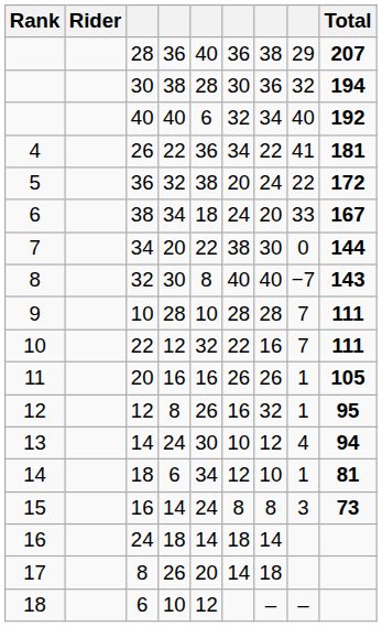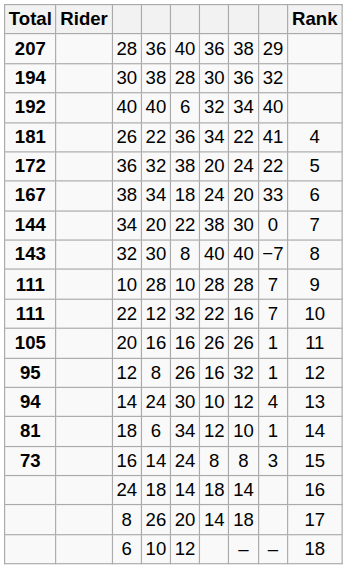 <table class="wikitable sortable" style="text-align:center">
 <tr>
-<th data-sort-type="number">Rank</th>
+<th>Total</th>
 <th>Rider</th>
 <th></th>
 <th></th>
 <th></th>
 <th></th>
 <th></th>
 <th></th>
-<th>Total</th>
+<th data-sort-type="number">Rank</th>
 </tr>
 <tr>
-<td></td>
+<td><strong>207</strong></td>
 <td align=left><strong></strong></td>
 <td>28</td>
 <td>36</td>
 <td>40</td>
 <td>36</td>
 <td>38</td>
 <td>29</td>
-<td><strong>207</strong></td>
+<td></td>
 </tr>
 <tr>
-<td></td>
+<td><strong>194</strong></td>
 <td align=left><strong></strong></td>
 <td>30</td>
 <td>38</td>
 <td>28</td>
 <td>30</td>
 <td>36</td>
 <td>32</td>
-<td><strong>194</strong></td>
+<td></td>
 </tr>
 <tr>
-<td></td>
+<td><strong>192</strong></td>
 <td align=left><strong></strong></td>
 <td>40</td>
 <td>40</td>
 <td>6</td>
 <td>32</td>
 <td>34</td>
 <td>40</td>
-<td><strong>192</strong></td>
+<td></td>
 </tr>
 <tr>
-<td>4</td>
+<td><strong>181</strong></td>
 <td align=left></td>
 <td>26</td>
 <td>22</td>
 <td>36</td>
 <td>34</td>
 <td>22</td>
 <td>41</td>
-<td><strong>181</strong></td>
+<td>4</td>
 </tr>
 <tr>
-<td>5</td>
+<td><strong>172</strong></td>
 <td align=left></td>
 <td>36</td>
 <td>32</td>
 <td>38</td>
 <td>20</td>
 <td>24</td>
 <td>22</td>
-<td><strong>172</strong></td>
+<td>5</td>
 </tr>
 <tr>
-<td>6</td>
+<td><strong>167</strong></td>
 <td align=left></td>
 <td>38</td>
 <td>34</td>
 <td>18</td>
 <td>24</td>
 <td>20</td>
 <td>33</td>
-<td><strong>167</strong></td>
+<td>6</td>
 </tr>
 <tr>
-<td>7</td>
+<td><strong>144</strong></td>
 <td align=left></td>
 <td>34</td>
 <td>20</td>
 <td>22</td>
 <td>38</td>
 <td>30</td>
 <td>0</td>
-<td><strong>144</strong></td>
+<td>7</td>
 </tr>
 <tr>
-<td>8</td>
+<td><strong>143</strong></td>
 <td align=left></td>
 <td>32</td>
 <td>30</td>
 <td>8</td>
 <td>40</td>
 <td>40</td>
 <td>−7</td>
-<td><strong>143</strong></td>
+<td>8</td>
 </tr>
 <tr>
-<td>9</td>
+<td><strong>111</strong></td>
 <td align=left></td>
 <td>10</td>
 <td>28</td>
 <td>10</td>
 <td>28</td>
 <td>28</td>
 <td>7</td>
-<td><strong>111</strong></td>
+<td>9</td>
 </tr>
 <tr>
-<td>10</td>
+<td><strong>111</strong></td>
 <td align=left></td>
 <td>22</td>
 <td>12</td>
 <td>32</td>
 <td>22</td>
 <td>16</td>
 <td>7</td>
-<td><strong>111</strong></td>
+<td>10</td>
 </tr>
 <tr>
-<td>11</td>
+<td><strong>105</strong></td>
 <td align=left></td>
 <td>20</td>
 <td>16</td>
 <td>16</td>
 <td>26</td>
 <td>26</td>
 <td>1</td>
-<td><strong>105</strong></td>
+<td>11</td>
 </tr>
 <tr>
-<td>12</td>
+<td><strong>95</strong></td>
 <td align=left></td>
 <td>12</td>
 <td>8</td>
 <td>26</td>
 <td>16</td>
 <td>32</td>
 <td>1</td>
-<td><strong>95</strong></td>
+<td>12</td>
 </tr>
 <tr>
-<td>13</td>
+<td><strong>94</strong></td>
 <td align=left></td>
 <td>14</td>
 <td>24</td>
 <td>30</td>
 <td>10</td>
 <td>12</td>
 <td>4</td>
-<td><strong>94</strong></td>
+<td>13</td>
 </tr>
 <tr>
-<td>14</td>
+<td><strong>81</strong></td>
 <td align=left></td>
 <td>18</td>
 <td>6</td>
 <td>34</td>
 <td>12</td>
 <td>10</td>
 <td>1</td>
-<td><strong>81</strong></td>
+<td>14</td>
 </tr>
 <tr>
-<td>15</td>
+<td><strong>73</strong></td>
 <td align=left></td>
 <td>16</td>
 <td>14</td>
 <td>24</td>
 <td>8</td>
 <td>8</td>
 <td>3</td>
-<td><strong>73</strong></td>
+<td>15</td>
 </tr>
 <tr>
-<td>16</td>
+<td><strong></strong></td>
 <td align=left></td>
 <td>24</td>
 <td>18</td>
 <td>14</td>
 <td>18</td>
 <td>14</td>
 <td></td>
-<td><strong></strong></td>
+<td>16</td>
 </tr>
 <tr>
-<td>17</td>
+<td><strong></strong></td>
 <td align=left></td>
 <td>8</td>
 <td>26</td>
 <td>20</td>
 <td>14</td>
 <td>18</td>
 <td></td>
-<td><strong></strong></td>
+<td>17</td>
 </tr>
 <tr>
-<td>18</td>
+<td><strong></strong></td>
 <td align=left></td>
 <td>6</td>
 <td>10</td>
 <td>12</td>
 <td></td>
 <td>–</td>
 <td>–</td>
-<td><strong></strong></td>
+<td>18</td>
 </tr>
 </table>
